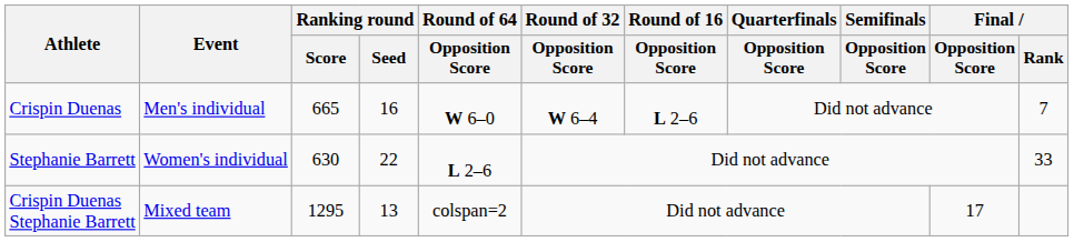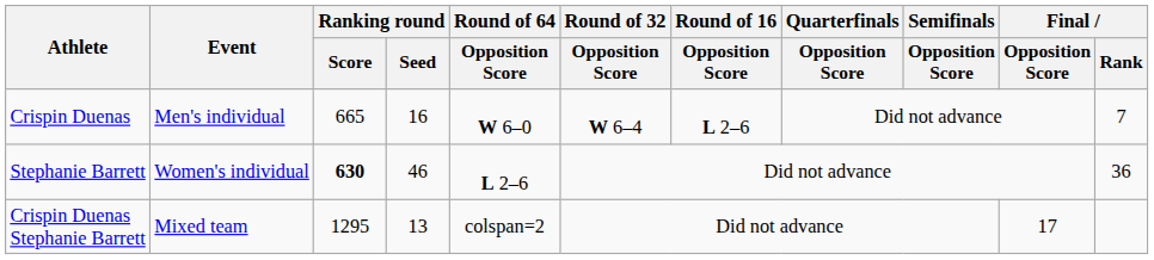 <table class=wikitable style=font-size:90%;text-align:center>
 <tr>
 <th rowspan=2>Athlete</th>
 <th rowspan=2>Event</th>
 <th colspan=2>Ranking round</th>
 <th>Round of 64</th>
 <th>Round of 32</th>
 <th>Round of 16</th>
 <th>Quarterfinals</th>
 <th>Semifinals</th>
 <th colspan=2>Final / </th>
 </tr>
 <tr style=font-size:95%>
 <th>Score</th>
 <th>Seed</th>
 <th>Opposition<br>Score</th>
 <th>Opposition<br>Score</th>
 <th>Opposition<br>Score</th>
 <th>Opposition<br>Score</th>
 <th>Opposition<br>Score</th>
 <th>Opposition<br>Score</th>
 <th>Rank</th>
 </tr>
 <tr>
 <td align=left><a href='#'>Crispin Duenas</a></td>
 <td align=left><a href='#'>Men's individual</a></td>
 <td>665</td>
 <td>16</td>
 <td><br><strong>W</strong> 6–0</td>
 <td><br><strong>W</strong> 6–4</td>
 <td><br><strong>L</strong> 2–6</td>
 <td colspan=3>Did not advance</td>
 <td>7</td>
 </tr>
 <tr>
 <td align=left><a href='#'>Stephanie Barrett</a></td>
 <td align=left><a href='#'>Women's individual</a></td>
-<td>630</td>
-<td>22</td>
+<td><strong>630</strong></td>
+<td>46</td>
 <td><br><strong>L</strong> 2–6</td>
 <td colspan=5>Did not advance</td>
-<td>33</td>
+<td>36</td>
 </tr>
 <tr>
 <td align=left><a href='#'>Crispin Duenas</a><br><a href='#'>Stephanie Barrett</a></td>
 <td align=left><a href='#'>Mixed team</a></td>
 <td>1295</td>
 <td>13</td>
 <td>colspan=2 </td>
 <td colspan=4>Did not advance</td>
 <td>17</td>
 </tr>
 </table>
